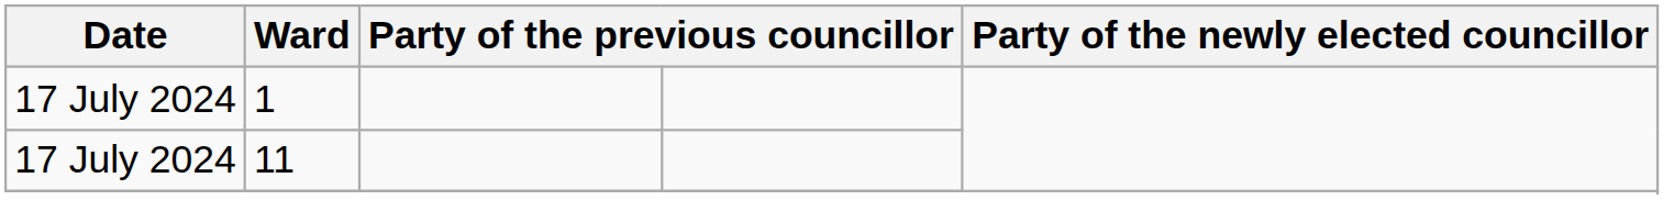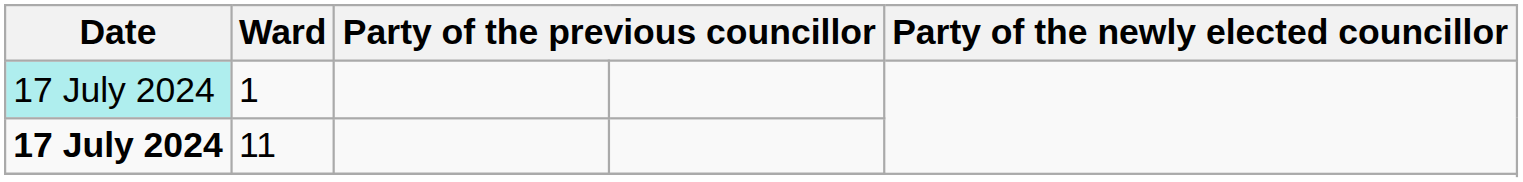 <table class="wikitable">
 <tr>
 <th>Date</th>
 <th>Ward</th>
 <th colspan=2>Party of the previous councillor</th>
 <th colspan=2>Party of the newly elected councillor</th>
 </tr>
 <tr>
-<td>17 July 2024</td>
+<td style="background: paleturquoise;">17 July 2024</td>
 <td>1</td>
 <td></td>
 <td></td>
 </tr>
 <tr>
-<td>17 July 2024</td>
+<td><strong>17 July 2024</strong></td>
 <td>11</td>
 <td></td>
 <td></td>
 </tr>
 <tr>
 </tr>
 </table>
